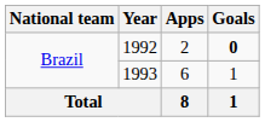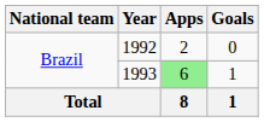 <table class="wikitable" style="text-align:center">
 <tr>
 <th>National team</th>
 <th>Year</th>
 <th>Apps</th>
 <th>Goals</th>
 </tr>
 <tr>
 <td rowspan="2"><a href='#'>Brazil</a></td>
 <td>1992</td>
 <td>2</td>
-<td><strong>0</strong></td>
+<td>0</td>
 </tr>
 <tr>
 <td>1993</td>
-<td>6</td>
+<td style="background: lightgreen;">6</td>
 <td>1</td>
 </tr>
 <tr>
 <th colspan=2>Total</th>
 <th>8</th>
 <th>1</th>
 </tr>
 </table>
